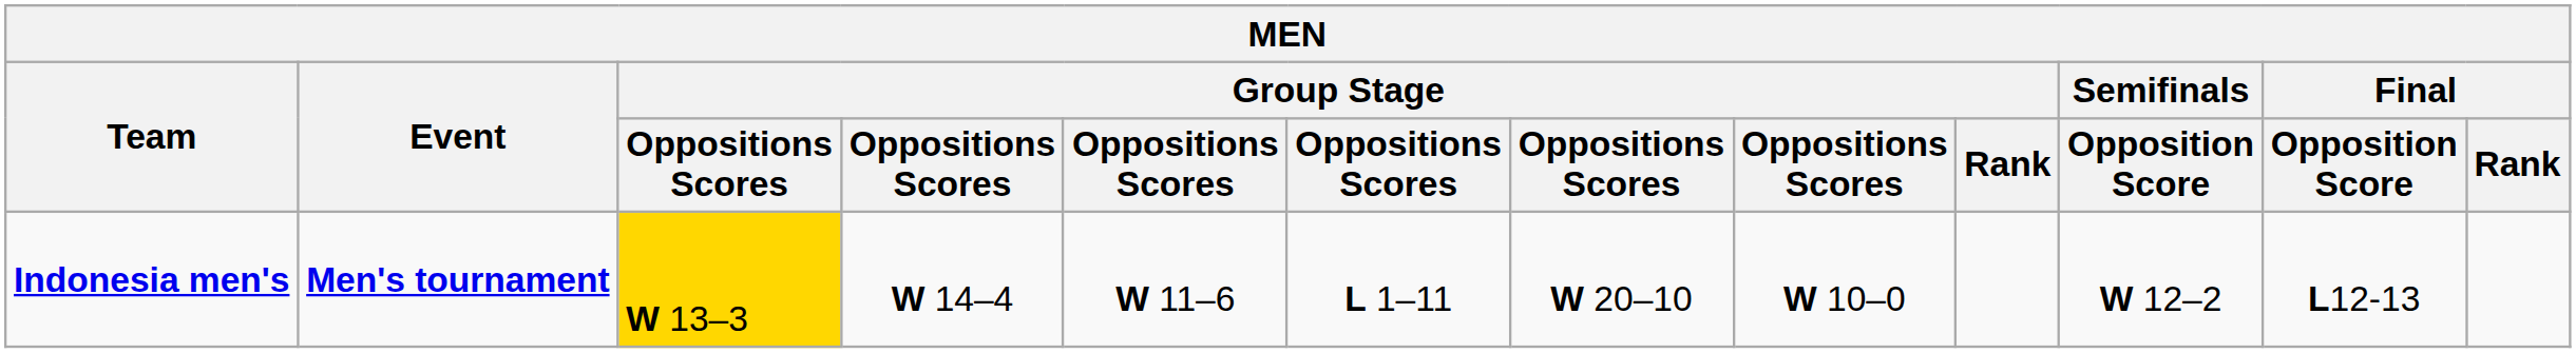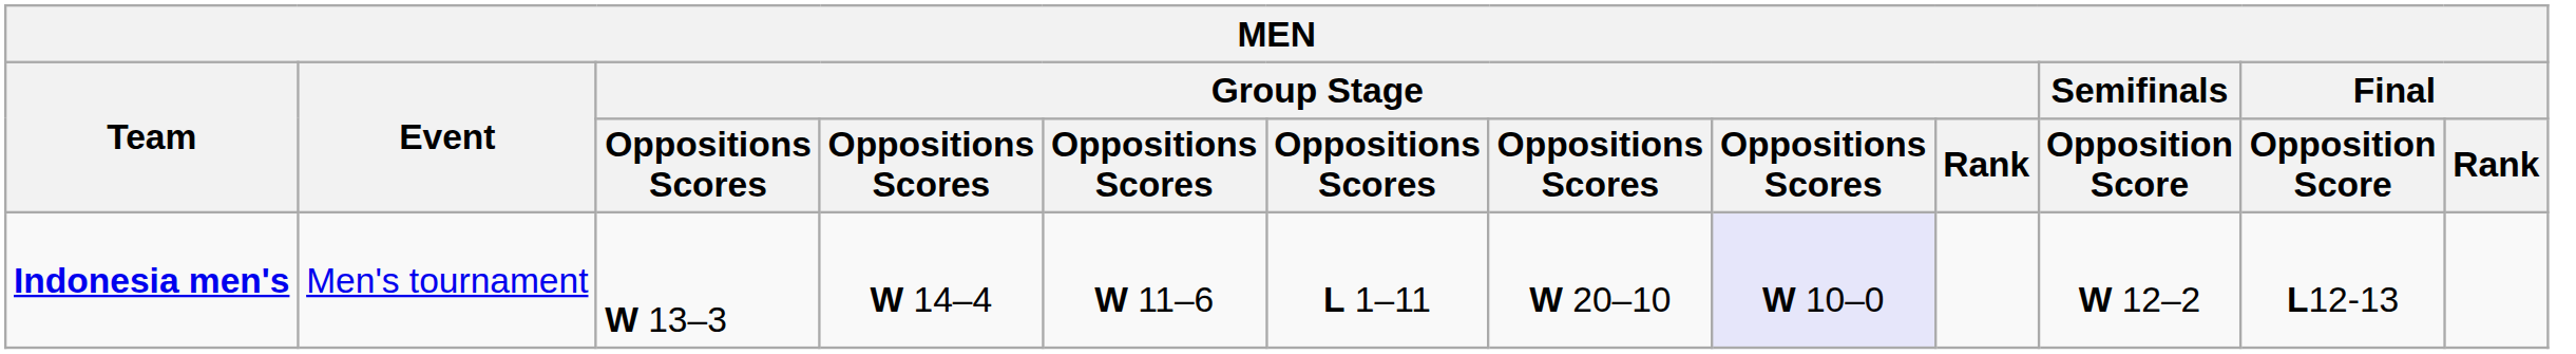 <table class=wikitable style="font-size:90%; text-align:center;">
 <tr>
 <th colspan="12">MEN</th>
 </tr>
 <tr>
 <th rowspan=2>Team</th>
 <th rowspan=2>Event</th>
 <th colspan=7>Group Stage</th>
 <th>Semifinals</th>
 <th colspan=2>Final</th>
 </tr>
 <tr>
 <th>Oppositions<br>Scores</th>
 <th>Oppositions<br>Scores</th>
 <th>Oppositions<br>Scores</th>
 <th>Oppositions<br>Scores</th>
 <th>Oppositions<br>Scores</th>
 <th>Oppositions<br>Scores</th>
 <th>Rank</th>
 <th>Opposition<br>Score</th>
 <th>Opposition<br>Score</th>
 <th>Rank</th>
 </tr>
 <tr>
 <td align=left><strong><a href='#'>Indonesia men's</a></strong></td>
-<td align=left><strong><a href='#'>Men's tournament</a></strong></td>
-<td align=left style="background: gold;"><br><br><strong>W</strong> 13–3 <br></td>
+<td align=left><a href='#'>Men's tournament</a></td>
+<td align=left><br><br><strong>W</strong> 13–3 <br></td>
 <td><br><strong>W</strong> 14–4 <br></td>
 <td><br><strong>W</strong> 11–6 <br></td>
 <td><br><strong>L</strong> 1–11 <br></td>
 <td><br><strong>W</strong> 20–10 <br></td>
-<td><br><strong>W</strong> 10–0 <br></td>
+<td style="background: lavender;"><br><strong>W</strong> 10–0 <br></td>
 <td></td>
 <td><br><strong>W</strong> 12–2 <br></td>
 <td><br><strong>L</strong>12-13 <br></td>
 <td></td>
 </tr>
 </table>
